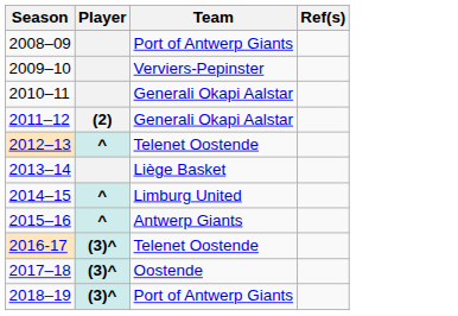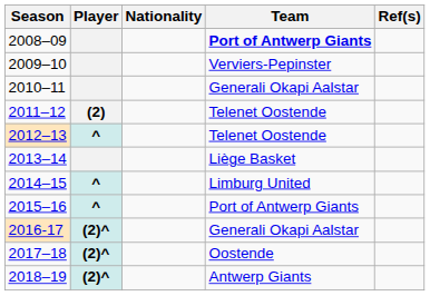 <table class="wikitable plainrowheaders sortable" summary="Season (sortable), Player (sortable), Position (sortable), Team (sortable), and References">
 <tr>
 <th scope="col">Season</th>
 <th scope="col">Player</th>
+<th scope="col">Nationality</th>
 <th scope="col">Team</th>
 <th scope="col" class="unsortable">Ref(s)</th>
 </tr>
 <tr>
 <td>2008–09</td>
 <th scope="row"></th>
-<td><a href='#'>Port of Antwerp Giants</a></td>
+<td></td>
+<td><strong><a href='#'>Port of Antwerp Giants</a></strong></td>
 <td></td>
 </tr>
 <tr>
 <td>2009–10</td>
 <th scope="row"></th>
+<td></td>
 <td><a href='#'>Verviers-Pepinster</a></td>
 <td></td>
 </tr>
 <tr>
 <td>2010–11</td>
 <th scope="row"></th>
+<td></td>
 <td><a href='#'>Generali Okapi Aalstar</a></td>
 <td></td>
 </tr>
 <tr>
 <td><a href='#'>2011–12</a></td>
 <th scope="row"> (2)</th>
-<td><a href='#'>Generali Okapi Aalstar</a></td>
+<td></td>
+<td><a href='#'>Telenet Oostende</a></td>
 <td></td>
 </tr>
 <tr>
 <td style="background-color:#FFE6BD;"><a href='#'>2012–13</a></td>
 <th scope="row" style="background-color:#CFECEC; ">^</th>
+<td></td>
 <td><a href='#'>Telenet Oostende</a></td>
 <td></td>
 </tr>
 <tr>
 <td><a href='#'>2013–14</a></td>
 <th scope="row"></th>
+<td></td>
 <td><a href='#'>Liège Basket</a></td>
 <td></td>
 </tr>
 <tr>
 <td><a href='#'>2014–15</a></td>
 <th scope="row" style="background-color:#CFECEC;">^</th>
+<td></td>
 <td><a href='#'>Limburg United</a></td>
 <td></td>
 </tr>
 <tr>
 <td><a href='#'>2015–16</a></td>
 <th scope="row" style="background-color:#CFECEC;">^</th>
-<td><a href='#'>Antwerp Giants</a></td>
+<td></td>
+<td><a href='#'>Port of Antwerp Giants</a></td>
 <td></td>
 </tr>
 <tr>
 <td style="background-color:#FFE6BD;"><a href='#'>2016-17</a></td>
-<th scope="row" style="background-color:#CFECEC;"> (3)^</th>
-<td><a href='#'>Telenet Oostende</a></td>
+<th scope="row" style="background-color:#CFECEC;"> (2)^</th>
+<td></td>
+<td><a href='#'>Generali Okapi Aalstar</a></td>
 <td></td>
 </tr>
 <tr>
 <td><a href='#'>2017–18</a></td>
-<th scope="row" style="background-color:#CFECEC;"> (3)^</th>
+<th scope="row" style="background-color:#CFECEC;"> (2)^</th>
+<td></td>
 <td><a href='#'>Oostende</a></td>
 <td></td>
 </tr>
 <tr>
 <td><a href='#'>2018–19</a></td>
-<th scope="row" style="background-color:#CFECEC;"> (3)^</th>
-<td><a href='#'>Port of Antwerp Giants</a></td>
+<th scope="row" style="background-color:#CFECEC;"> (2)^</th>
+<td></td>
+<td><a href='#'>Antwerp Giants</a></td>
 <td></td>
 </tr>
 </table>
